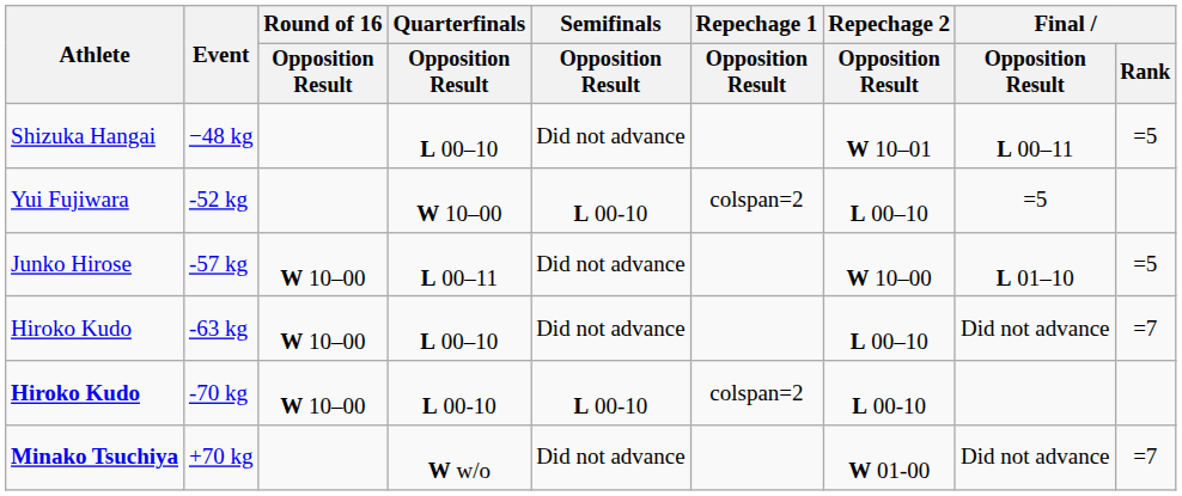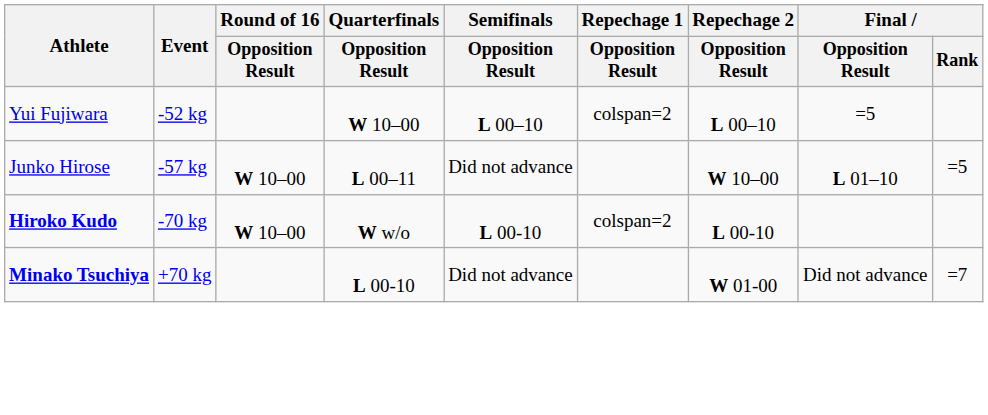 <table class="wikitable" style="font-size:90%">
 <tr>
 <th rowspan="2">Athlete</th>
 <th rowspan="2">Event</th>
 <th>Round of 16</th>
 <th>Quarterfinals</th>
 <th>Semifinals</th>
 <th>Repechage 1</th>
 <th>Repechage 2</th>
 <th colspan=2>Final / </th>
 </tr>
 <tr style="font-size:95%">
 <th>Opposition<br>Result</th>
 <th>Opposition<br>Result</th>
 <th>Opposition<br>Result</th>
 <th>Opposition<br>Result</th>
 <th>Opposition<br>Result</th>
 <th>Opposition<br>Result</th>
 <th>Rank</th>
 </tr>
 <tr align=center>
-<td align=left><a href='#'>Shizuka Hangai</a></td>
-<td align=left><a href='#'>−48 kg</a></td>
-<td></td>
-<td><br><strong>L</strong> 00–10</td>
-<td>Did not advance</td>
-<td></td>
-<td><br><strong>W</strong> 10–01</td>
-<td><br><strong>L</strong> 00–11</td>
-<td>=5</td>
-</tr>
-<tr align=center>
 <td align=left><a href='#'>Yui Fujiwara</a></td>
 <td align=left><a href='#'>-52 kg</a></td>
 <td></td>
 <td><br><strong>W</strong> 10–00</td>
-<td><br><strong>L</strong> 00-10</td>
+<td><br><strong>L</strong> 00–10</td>
 <td>colspan=2 </td>
 <td><br><strong>L</strong> 00–10</td>
 <td>=5</td>
 </tr>
 <tr align=center>
 <td align=left><a href='#'>Junko Hirose</a></td>
 <td align=left><a href='#'>-57 kg</a></td>
 <td><br><strong>W</strong> 10–00</td>
 <td><br><strong>L</strong> 00–11</td>
 <td>Did not advance</td>
 <td></td>
 <td><br><strong>W</strong> 10–00</td>
 <td><br><strong>L</strong> 01–10</td>
 <td>=5</td>
 </tr>
 <tr align=center>
-<td align=left><a href='#'>Hiroko Kudo</a></td>
-<td align=left><a href='#'>-63 kg</a></td>
-<td><br><strong>W</strong> 10–00</td>
-<td><br><strong>L</strong> 00–10</td>
-<td>Did not advance</td>
-<td></td>
-<td><br><strong>L</strong> 00–10</td>
-<td>Did not advance</td>
-<td>=7</td>
-</tr>
-<tr align=center>
 <td align=left><strong><a href='#'>Hiroko Kudo</a></strong></td>
 <td align=left><a href='#'>-70 kg</a></td>
 <td><br><strong>W</strong> 10–00</td>
-<td><br><strong>L</strong> 00-10</td>
+<td><br><strong>W</strong> w/o</td>
 <td><br><strong>L</strong> 00-10</td>
 <td>colspan=2 </td>
 <td><br><strong>L</strong> 00-10</td>
 <td></td>
 </tr>
 <tr align=center>
 <td align=left><strong><a href='#'>Minako Tsuchiya</a></strong></td>
 <td align=left><a href='#'>+70 kg</a></td>
 <td></td>
-<td><br><strong>W</strong> w/o</td>
+<td><br><strong>L</strong> 00-10</td>
 <td>Did not advance</td>
 <td></td>
 <td><br><strong>W</strong> 01-00</td>
 <td>Did not advance</td>
 <td>=7</td>
 </tr>
 </table>
